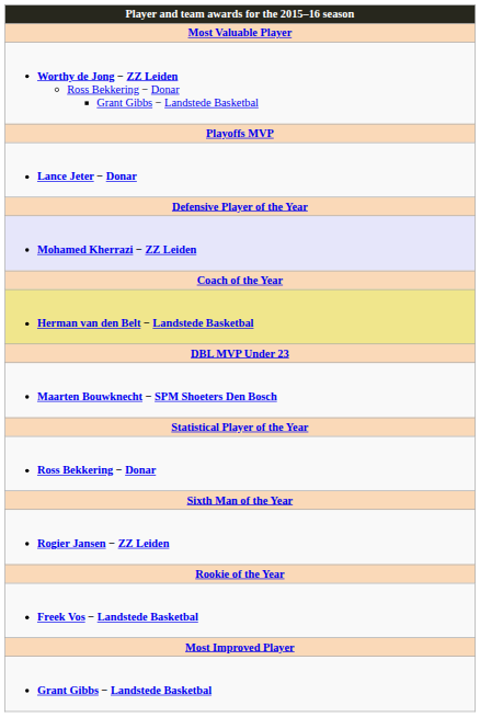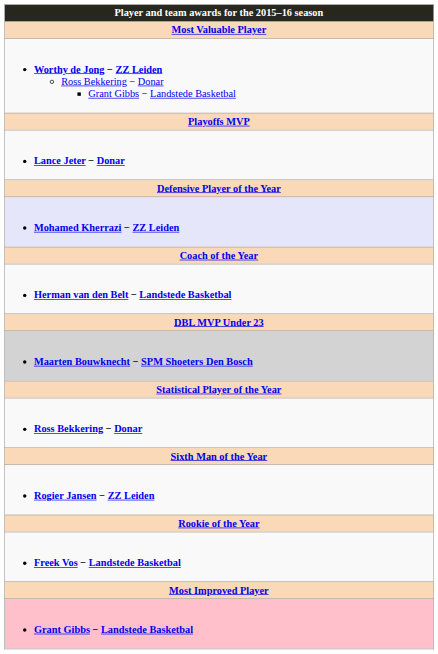 <table class="wikitable"  style="width:50%; font-size:95%;">
 <tr>
 <th style="background:#27271d; color:#fff;">Player and team awards for the 2015–16 season</th>
 </tr>
 <tr>
 <th style="background:#fad9b8; color:#fff;"><a href='#'>Most Valuable Player</a></th>
 </tr>
 <tr>
 <td valign="top"><br><ul><li><strong> <a href='#'>Worthy de Jong</a> − <a href='#'>ZZ Leiden</a></strong><ul><li> <a href='#'>Ross Bekkering</a> − <a href='#'>Donar</a><ul><li> <a href='#'>Grant Gibbs</a> − <a href='#'>Landstede Basketbal</a></li></ul></li></ul></li></ul></td>
 </tr>
 <tr>
 <th style="background:#fad9b8; color:#fff;"><a href='#'>Playoffs MVP</a></th>
 </tr>
 <tr>
 <td valign="top"><br><ul><li><strong> <a href='#'>Lance Jeter</a> − <a href='#'>Donar</a></strong></li></ul></td>
 </tr>
 <tr>
 <th style="background:#fad9b8;"><a href='#'>Defensive Player of the Year</a></th>
 </tr>
 <tr>
 <td valign="top" style="background: lavender;"><br><ul><li><strong> <a href='#'>Mohamed Kherrazi</a> − <a href='#'>ZZ Leiden</a></strong></li></ul></td>
 </tr>
 <tr>
 <th style="background:#fad9b8;"><a href='#'>Coach of the Year</a></th>
 </tr>
 <tr>
-<td valign="top" style="background: khaki;"><br><ul><li><strong> <a href='#'>Herman van den Belt</a> − <a href='#'>Landstede Basketbal</a></strong></li></ul></td>
+<td valign="top"><br><ul><li><strong> <a href='#'>Herman van den Belt</a> − <a href='#'>Landstede Basketbal</a></strong></li></ul></td>
 </tr>
 <tr>
 <th style="background:#fad9b8;"><a href='#'>DBL MVP Under 23</a></th>
 </tr>
 <tr>
-<td valign="top"><br><ul><li><strong> <a href='#'>Maarten Bouwknecht</a> − <a href='#'>SPM Shoeters Den Bosch</a></strong></li></ul></td>
+<td valign="top" style="background: lightgrey;"><br><ul><li><strong> <a href='#'>Maarten Bouwknecht</a> − <a href='#'>SPM Shoeters Den Bosch</a></strong></li></ul></td>
 </tr>
 <tr>
 <th style="background:#fad9b8;"><a href='#'>Statistical Player of the Year</a></th>
 </tr>
 <tr>
 <td valign="top"><br><ul><li><strong> <a href='#'>Ross Bekkering</a> − <a href='#'>Donar</a></strong></li></ul></td>
 </tr>
 <tr>
 <th style="background:#fad9b8;"><a href='#'>Sixth Man of the Year</a></th>
 </tr>
 <tr>
 <td valign="top"><br><ul><li><strong> <a href='#'>Rogier Jansen</a> − <a href='#'>ZZ Leiden</a></strong></li></ul></td>
 </tr>
 <tr>
 <th style="background:#fad9b8;"><a href='#'>Rookie of the Year</a></th>
 </tr>
 <tr>
 <td valign="top"><br><ul><li><strong> <a href='#'>Freek Vos</a> − <a href='#'>Landstede Basketbal</a></strong></li></ul></td>
 </tr>
 <tr>
 <th style="background:#fad9b8;"><a href='#'>Most Improved Player</a></th>
 </tr>
 <tr>
-<td valign="top"><br><ul><li><strong> <a href='#'>Grant Gibbs</a> − <a href='#'>Landstede Basketbal</a></strong></li></ul></td>
+<td valign="top" style="background: pink;"><br><ul><li><strong> <a href='#'>Grant Gibbs</a> − <a href='#'>Landstede Basketbal</a></strong></li></ul></td>
 </tr>
 </table>
